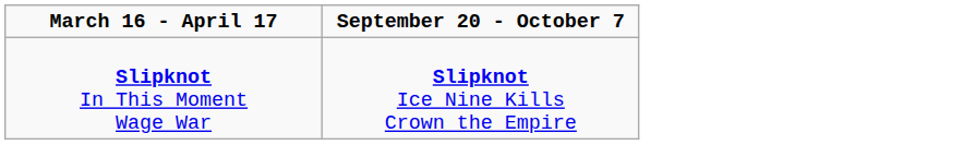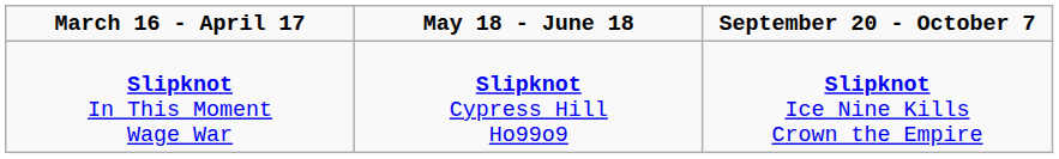 <table class="wikitable">
 <tr>
 <td style="text-align:center;"><strong>March 16 - April 17</strong></td>
+<td style="text-align:center;"><strong>May 18 - June 18</strong></td>
 <td style="text-align:center;"><strong>September 20 - October 7</strong></td>
 </tr>
 <tr>
 <td style="text-align:center; vertical-align:top; width:200px;"><br><strong><a href='#'>Slipknot</a></strong><br> <a href='#'>In This Moment</a><br> <a href='#'>Wage War</a><br></td>
+<td style="text-align:center; vertical-align:top; width:200px;"><br><strong><a href='#'>Slipknot</a></strong><br> <a href='#'>Cypress Hill</a><br> <a href='#'>Ho99o9</a><br></td>
 <td style="text-align:center; vertical-align:top; width:200px;"><br><strong><a href='#'>Slipknot</a></strong><br> <a href='#'>Ice Nine Kills</a><br> <a href='#'>Crown the Empire</a><br></td>
 </tr>
 </table>
